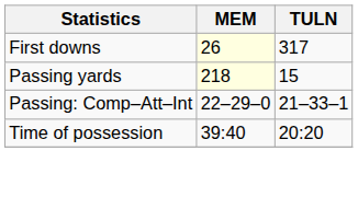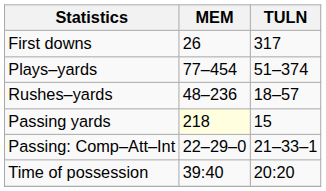 <table class="wikitable" style="float: left;">
 <tr>
 <th>Statistics</th>
 <th>MEM</th>
 <th>TULN</th>
 </tr>
 <tr>
 <td>First downs</td>
-<td style="background: lightyellow;">26</td>
+<td>26</td>
 <td>317</td>
+</tr>
+<tr>
+<td>Plays–yards</td>
+<td>77–454</td>
+<td>51–374</td>
+</tr>
+<tr>
+<td>Rushes–yards</td>
+<td>48–236</td>
+<td>18–57</td>
 </tr>
 <tr>
 <td>Passing yards</td>
 <td style="background: lightyellow;">218</td>
 <td>15</td>
 </tr>
 <tr>
 <td>Passing: Comp–Att–Int</td>
 <td>22–29–0</td>
 <td>21–33–1</td>
 </tr>
 <tr>
 <td>Time of possession</td>
 <td>39:40</td>
 <td>20:20</td>
 </tr>
 <tr>
 </tr>
 </table>
